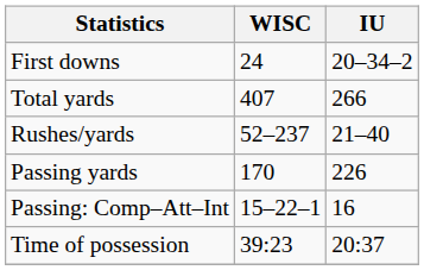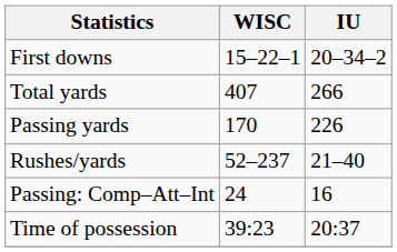 <table class="wikitable" style="float: left;">
 <tr>
 <th>Statistics</th>
 <th>WISC</th>
 <th>IU</th>
 </tr>
 <tr>
 <td>First downs</td>
-<td>24</td>
+<td>15–22–1</td>
 <td>20–34–2</td>
 </tr>
 <tr>
 <td>Total yards</td>
 <td>407</td>
 <td>266</td>
 </tr>
 <tr>
+<td>Passing yards</td>
+<td>170</td>
+<td>226</td>
+</tr>
+<tr>
 <td>Rushes/yards</td>
 <td>52–237</td>
 <td>21–40</td>
 </tr>
 <tr>
-<td>Passing yards</td>
-<td>170</td>
-<td>226</td>
-</tr>
-<tr>
 <td>Passing: Comp–Att–Int</td>
-<td>15–22–1</td>
+<td>24</td>
 <td>16</td>
 </tr>
 <tr>
 <td>Time of possession</td>
 <td>39:23</td>
 <td>20:37</td>
 </tr>
 <tr>
 </tr>
 </table>
